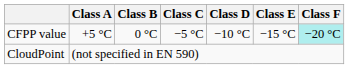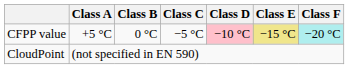 <table class="wikitable">
 <tr>
 <th></th>
 <th>Class A</th>
 <th>Class B</th>
 <th>Class C</th>
 <th>Class D</th>
 <th>Class E</th>
 <th>Class F</th>
 </tr>
 <tr>
 <td>CFPP value</td>
 <td align=right>+5 °C</td>
 <td align=right>0 °C</td>
 <td align=right>−5 °C</td>
-<td align=right>−10 °C</td>
-<td align=right>−15 °C</td>
+<td align=right style="background: pink;">−10 °C</td>
+<td align=right style="background: khaki;">−15 °C</td>
 <td align=right style="background: paleturquoise;">−20 °C</td>
 </tr>
 <tr>
 <td>CloudPoint</td>
 <td colspan=6>(not specified in EN 590)</td>
 </tr>
 </table>
